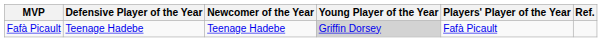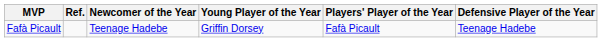 <table class="wikitable">
 <tr>
 <th>MVP</th>
-<th>Defensive Player of the Year</th>
+<th>Ref.</th>
 <th>Newcomer of the Year</th>
 <th>Young Player of the Year</th>
 <th>Players' Player of the Year</th>
-<th>Ref.</th>
+<th>Defensive Player of the Year</th>
 </tr>
 <tr>
 <td> <a href='#'>Fafà Picault</a></td>
+<td></td>
 <td> <a href='#'>Teenage Hadebe</a></td>
+<td> <a href='#'>Griffin Dorsey</a></td>
+<td> <a href='#'>Fafà Picault</a></td>
 <td> <a href='#'>Teenage Hadebe</a></td>
-<td style="background: lightgrey;"> <a href='#'>Griffin Dorsey</a></td>
-<td> <a href='#'>Fafà Picault</a></td>
-<td></td>
 </tr>
 </table>
